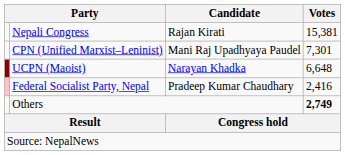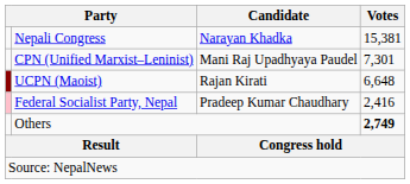 <table class="wikitable">
 <tr>
 <th colspan="2">Party</th>
 <th>Candidate</th>
 <th>Votes</th>
 </tr>
 <tr>
 <td style="background-color:"></td>
 <td><a href='#'>Nepali Congress</a></td>
-<td>Rajan Kirati</td>
+<td><a href='#'>Narayan Khadka</a></td>
 <td>15,381</td>
 </tr>
 <tr>
 <td style="background-color:"></td>
 <td><a href='#'>CPN (Unified Marxist–Leninist)</a></td>
 <td>Mani Raj Upadhyaya Paudel</td>
 <td>7,301</td>
 </tr>
 <tr>
 <td style="background-color:darkred"></td>
 <td><a href='#'>UCPN (Maoist)</a></td>
-<td><a href='#'>Narayan Khadka</a></td>
+<td>Rajan Kirati</td>
 <td>6,648</td>
 </tr>
 <tr>
 <td style="background-color:#ffc0cb"></td>
 <td><a href='#'>Federal Socialist Party, Nepal</a></td>
 <td>Pradeep Kumar Chaudhary</td>
 <td>2,416</td>
 </tr>
 <tr>
 <td></td>
 <td colspan="2">Others</td>
 <td><strong>2,749</strong></td>
 </tr>
 <tr>
 <th colspan="2">Result</th>
 <th colspan="2">Congress hold</th>
 </tr>
 <tr>
 <td colspan="4">Source: NepalNews</td>
 </tr>
 </table>
